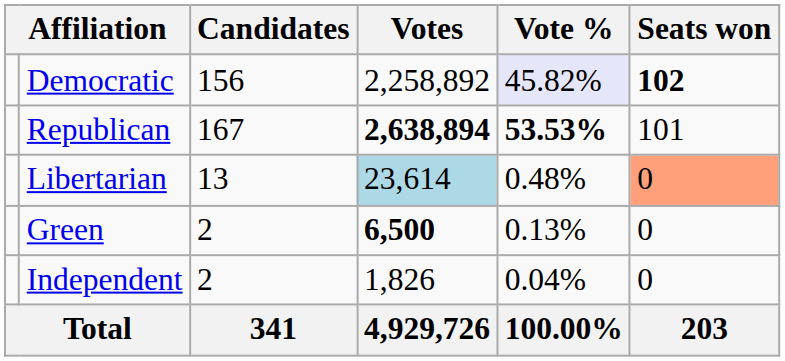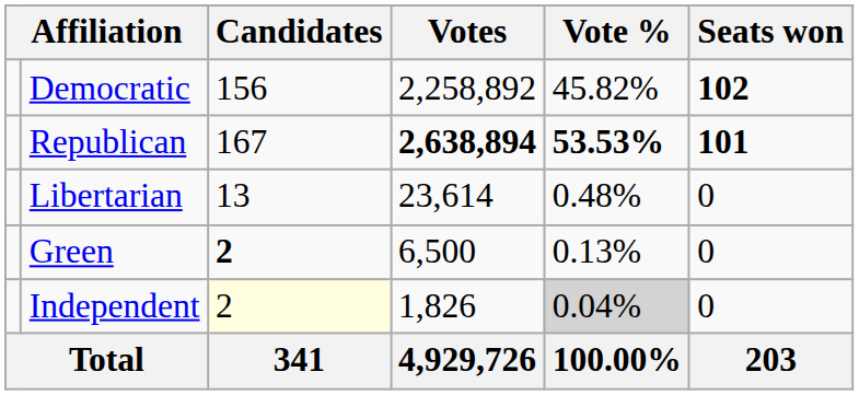 <table class="wikitable">
 <tr>
 <th colspan="2">Affiliation</th>
 <th>Candidates</th>
 <th>Votes</th>
 <th>Vote %</th>
 <th>Seats won</th>
 </tr>
 <tr>
 <td style="background-color:"></td>
 <td><a href='#'>Democratic</a></td>
 <td>156</td>
 <td>2,258,892</td>
-<td style="background: lavender;">45.82%</td>
+<td>45.82%</td>
 <td><strong>102</strong></td>
 </tr>
 <tr>
 <td style="background-color:"></td>
 <td><a href='#'>Republican</a></td>
 <td>167</td>
 <td><strong>2,638,894</strong></td>
 <td><strong>53.53%</strong></td>
-<td>101</td>
+<td><strong>101</strong></td>
 </tr>
 <tr>
 <td style="background-color:"></td>
 <td><a href='#'>Libertarian</a></td>
 <td>13</td>
-<td style="background: lightblue;">23,614</td>
+<td>23,614</td>
 <td>0.48%</td>
-<td style="background: lightsalmon;">0</td>
+<td>0</td>
 </tr>
 <tr>
 <td style="background-color:"></td>
 <td><a href='#'>Green</a></td>
-<td>2</td>
-<td><strong>6,500</strong></td>
+<td><strong>2</strong></td>
+<td>6,500</td>
 <td>0.13%</td>
 <td>0</td>
 </tr>
 <tr>
 <td style="background-color:"></td>
 <td><a href='#'>Independent</a></td>
-<td>2</td>
+<td style="background: lightyellow;">2</td>
 <td>1,826</td>
-<td>0.04%</td>
+<td style="background: lightgrey;">0.04%</td>
 <td>0</td>
 </tr>
 <tr>
 <th colspan="2">Total</th>
 <th>341</th>
 <th>4,929,726</th>
 <th>100.00%</th>
 <th>203</th>
 </tr>
 </table>
